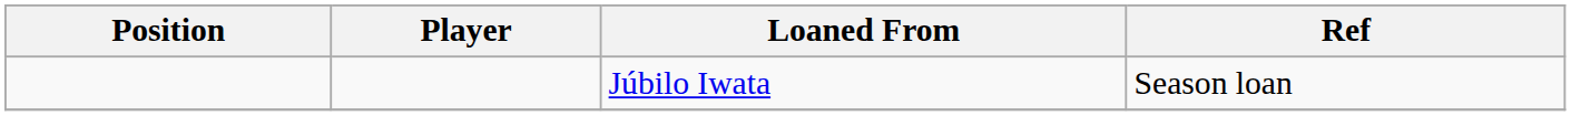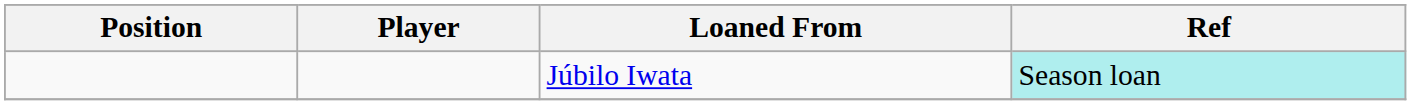 <table class="wikitable sortable" style="width:60%; text-align:center; font-size:100%; text-align:left;">
 <tr>
 <th>Position</th>
 <th>Player</th>
 <th>Loaned From</th>
 <th>Ref</th>
 </tr>
 <tr>
 <td></td>
 <td></td>
 <td> <a href='#'>Júbilo Iwata</a></td>
-<td>Season loan</td>
+<td style="background: paleturquoise;">Season loan</td>
 </tr>
 <tr>
 </tr>
 </table>
